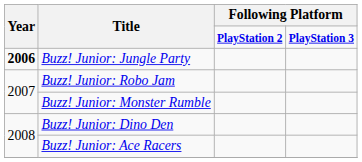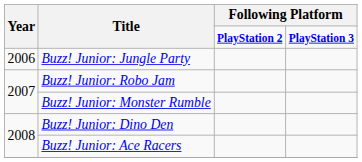 <table class="wikitable">
 <tr>
 <th rowspan="2">Year</th>
 <th rowspan="2">Title</th>
 <th colspan="4">Following Platform</th>
 </tr>
 <tr style="text-align:center;">
 <td><small><strong><a href='#'>PlayStation 2</a></strong></small></td>
 <td><small><strong><a href='#'>PlayStation 3</a></strong></small></td>
 </tr>
 <tr>
-<td><strong>2006</strong></td>
+<td>2006</td>
 <td><em><a href='#'>Buzz! Junior: Jungle Party</a></em></td>
 <td style="text-align:center;"></td>
 <td style="text-align:center;"></td>
 </tr>
 <tr>
 <td rowspan="2">2007</td>
 <td><em><a href='#'>Buzz! Junior: Robo Jam</a></em></td>
 <td style="text-align:center;"></td>
 <td style="text-align:center;"></td>
 </tr>
 <tr>
 <td><em><a href='#'>Buzz! Junior: Monster Rumble</a></em></td>
 <td style="text-align:center;"></td>
 <td style="text-align:center;"></td>
 </tr>
 <tr>
 <td rowspan="2">2008</td>
 <td><em><a href='#'>Buzz! Junior: Dino Den</a></em></td>
 <td style="text-align:center;"></td>
 <td style="text-align:center;"></td>
 </tr>
 <tr>
 <td><em><a href='#'>Buzz! Junior: Ace Racers</a></em></td>
 <td style="text-align:center;"></td>
 <td></td>
 </tr>
 <tr>
 </tr>
 </table>
